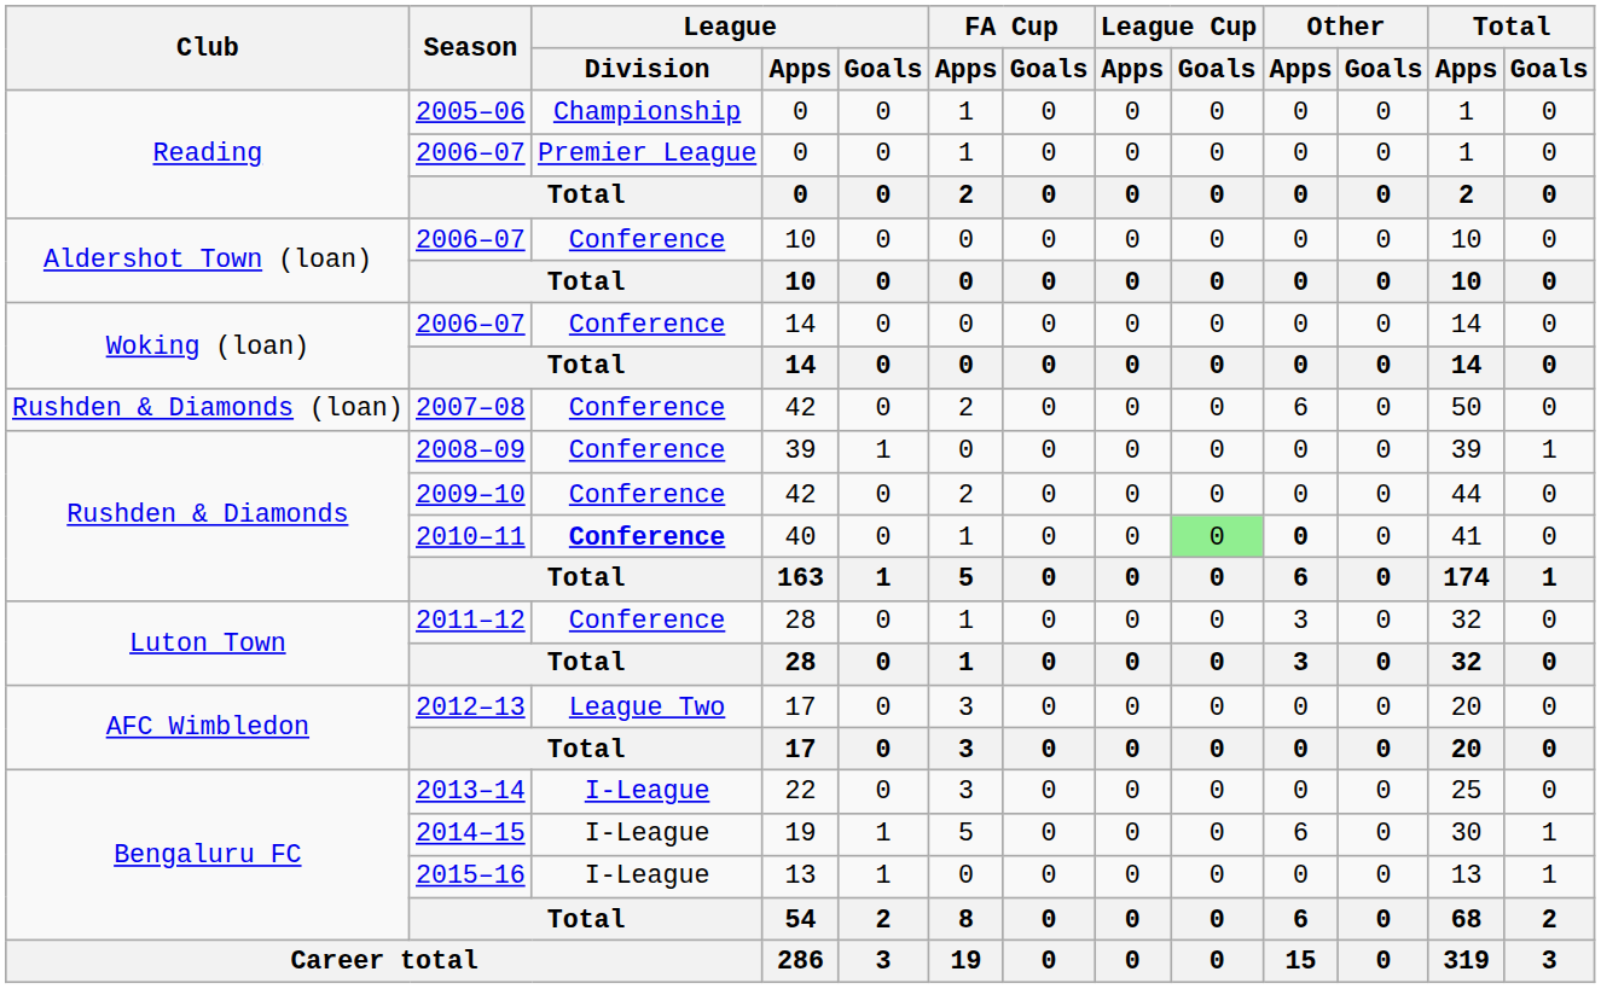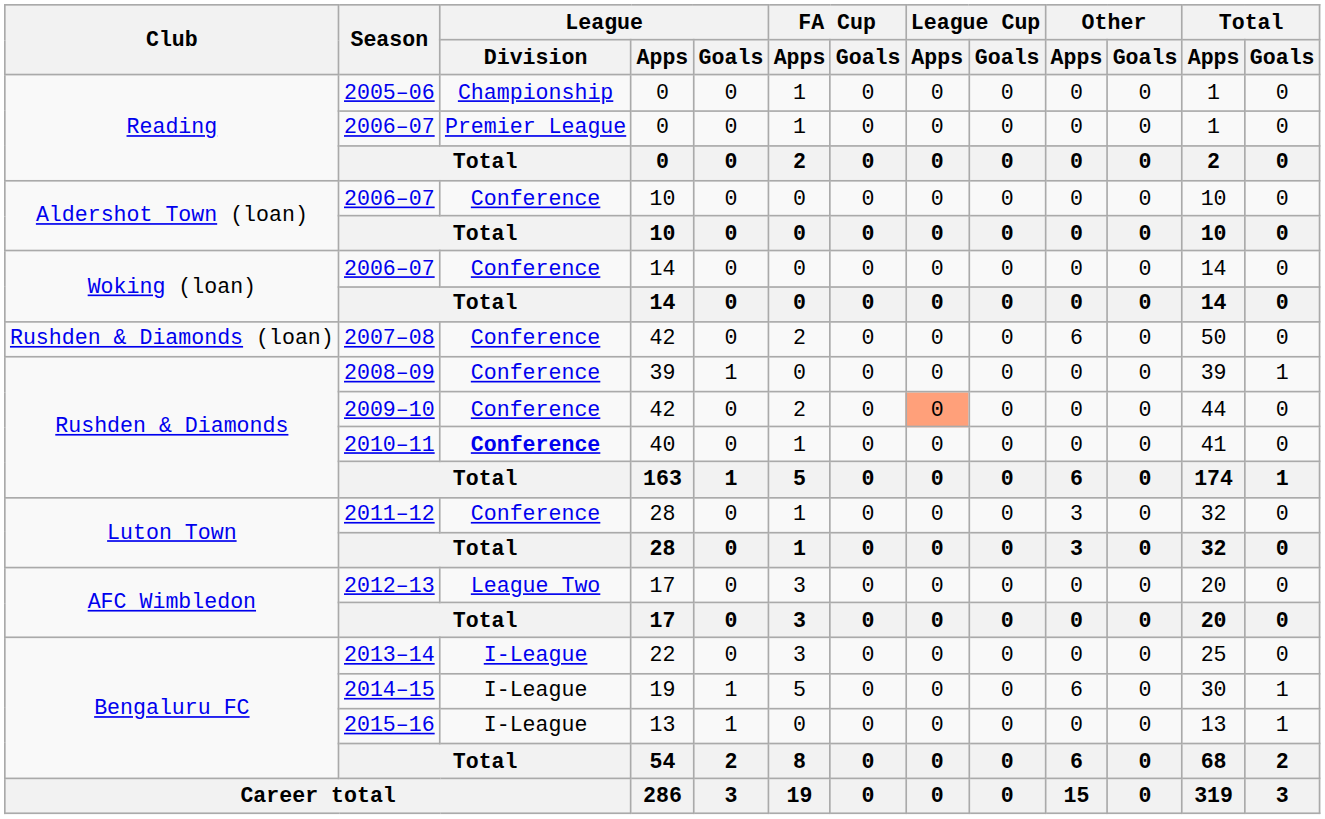 <table class="wikitable" style="text-align: center">
 <tr>
 <th rowspan=2>Club</th>
 <th rowspan=2>Season</th>
 <th colspan=3>League</th>
 <th colspan=2>FA Cup</th>
 <th colspan=2>League Cup</th>
 <th colspan=2>Other</th>
 <th colspan=3>Total</th>
 </tr>
 <tr>
 <th>Division</th>
 <th>Apps</th>
 <th>Goals</th>
 <th>Apps</th>
 <th>Goals</th>
 <th>Apps</th>
 <th>Goals</th>
 <th>Apps</th>
 <th>Goals</th>
 <th>Apps</th>
 <th>Goals</th>
 </tr>
 <tr>
 <td rowspan=3><a href='#'>Reading</a></td>
 <td><a href='#'>2005–06</a></td>
 <td><a href='#'>Championship</a></td>
 <td>0</td>
 <td>0</td>
 <td>1</td>
 <td>0</td>
 <td>0</td>
 <td>0</td>
 <td>0</td>
 <td>0</td>
 <td>1</td>
 <td>0</td>
 </tr>
 <tr>
 <td><a href='#'>2006–07</a></td>
 <td><a href='#'>Premier League</a></td>
 <td>0</td>
 <td>0</td>
 <td>1</td>
 <td>0</td>
 <td>0</td>
 <td>0</td>
 <td>0</td>
 <td>0</td>
 <td>1</td>
 <td>0</td>
 </tr>
 <tr>
 <th colspan="2">Total</th>
 <th>0</th>
 <th>0</th>
 <th>2</th>
 <th>0</th>
 <th>0</th>
 <th>0</th>
 <th>0</th>
 <th>0</th>
 <th>2</th>
 <th>0</th>
 </tr>
 <tr>
 <td rowspan="2"><a href='#'>Aldershot Town</a> (loan)</td>
 <td><a href='#'>2006–07</a></td>
 <td><a href='#'>Conference</a></td>
 <td>10</td>
 <td>0</td>
 <td>0</td>
 <td>0</td>
 <td>0</td>
 <td>0</td>
 <td>0</td>
 <td>0</td>
 <td>10</td>
 <td>0</td>
 </tr>
 <tr>
 <th colspan="2">Total</th>
 <th>10</th>
 <th>0</th>
 <th>0</th>
 <th>0</th>
 <th>0</th>
 <th>0</th>
 <th>0</th>
 <th>0</th>
 <th>10</th>
 <th>0</th>
 </tr>
 <tr>
 <td rowspan="2"><a href='#'>Woking</a> (loan)</td>
 <td><a href='#'>2006–07</a></td>
 <td><a href='#'>Conference</a></td>
 <td>14</td>
 <td>0</td>
 <td>0</td>
 <td>0</td>
 <td>0</td>
 <td>0</td>
 <td>0</td>
 <td>0</td>
 <td>14</td>
 <td>0</td>
 </tr>
 <tr>
 <th colspan="2">Total</th>
 <th>14</th>
 <th>0</th>
 <th>0</th>
 <th>0</th>
 <th>0</th>
 <th>0</th>
 <th>0</th>
 <th>0</th>
 <th>14</th>
 <th>0</th>
 </tr>
 <tr>
 <td><a href='#'>Rushden & Diamonds</a> (loan)</td>
 <td><a href='#'>2007–08</a></td>
 <td><a href='#'>Conference</a></td>
 <td>42</td>
 <td>0</td>
 <td>2</td>
 <td>0</td>
 <td>0</td>
 <td>0</td>
 <td>6</td>
 <td>0</td>
 <td>50</td>
 <td>0</td>
 </tr>
 <tr>
 <td rowspan="4"><a href='#'>Rushden & Diamonds</a></td>
 <td><a href='#'>2008–09</a></td>
 <td><a href='#'>Conference</a></td>
 <td>39</td>
 <td>1</td>
 <td>0</td>
 <td>0</td>
 <td>0</td>
 <td>0</td>
 <td>0</td>
 <td>0</td>
 <td>39</td>
 <td>1</td>
 </tr>
 <tr>
 <td><a href='#'>2009–10</a></td>
 <td><a href='#'>Conference</a></td>
 <td>42</td>
 <td>0</td>
 <td>2</td>
 <td>0</td>
-<td>0</td>
+<td style="background: lightsalmon;">0</td>
 <td>0</td>
 <td>0</td>
 <td>0</td>
 <td>44</td>
 <td>0</td>
 </tr>
 <tr>
 <td><a href='#'>2010–11</a></td>
 <td><strong><a href='#'>Conference</a></strong></td>
 <td>40</td>
 <td>0</td>
 <td>1</td>
 <td>0</td>
 <td>0</td>
-<td style="background: lightgreen;">0</td>
-<td><strong>0</strong></td>
+<td>0</td>
+<td>0</td>
 <td>0</td>
 <td>41</td>
 <td>0</td>
 </tr>
 <tr>
 <th colspan="2">Total</th>
 <th>163</th>
 <th>1</th>
 <th>5</th>
 <th>0</th>
 <th>0</th>
 <th>0</th>
 <th>6</th>
 <th>0</th>
 <th>174</th>
 <th>1</th>
 </tr>
 <tr>
 <td rowspan="2"><a href='#'>Luton Town</a></td>
 <td><a href='#'>2011–12</a></td>
 <td><a href='#'>Conference</a></td>
 <td>28</td>
 <td>0</td>
 <td>1</td>
 <td>0</td>
 <td>0</td>
 <td>0</td>
 <td>3</td>
 <td>0</td>
 <td>32</td>
 <td>0</td>
 </tr>
 <tr>
 <th colspan="2">Total</th>
 <th>28</th>
 <th>0</th>
 <th>1</th>
 <th>0</th>
 <th>0</th>
 <th>0</th>
 <th>3</th>
 <th>0</th>
 <th>32</th>
 <th>0</th>
 </tr>
 <tr>
 <td rowspan="2"><a href='#'>AFC Wimbledon</a></td>
 <td><a href='#'>2012–13</a></td>
 <td><a href='#'>League Two</a></td>
 <td>17</td>
 <td>0</td>
 <td>3</td>
 <td>0</td>
 <td>0</td>
 <td>0</td>
 <td>0</td>
 <td>0</td>
 <td>20</td>
 <td>0</td>
 </tr>
 <tr>
 <th colspan="2">Total</th>
 <th>17</th>
 <th>0</th>
 <th>3</th>
 <th>0</th>
 <th>0</th>
 <th>0</th>
 <th>0</th>
 <th>0</th>
 <th>20</th>
 <th>0</th>
 </tr>
 <tr>
 <td rowspan="4"><a href='#'>Bengaluru FC</a></td>
 <td><a href='#'>2013–14</a></td>
 <td><a href='#'>I-League</a></td>
 <td>22</td>
 <td>0</td>
 <td>3</td>
 <td>0</td>
 <td>0</td>
 <td>0</td>
 <td>0</td>
 <td>0</td>
 <td>25</td>
 <td>0</td>
 </tr>
 <tr>
 <td><a href='#'>2014–15</a></td>
 <td>I-League</td>
 <td>19</td>
 <td>1</td>
 <td>5</td>
 <td>0</td>
 <td>0</td>
 <td>0</td>
 <td>6</td>
 <td>0</td>
 <td>30</td>
 <td>1</td>
 </tr>
 <tr>
 <td><a href='#'>2015–16</a></td>
 <td>I-League</td>
 <td>13</td>
 <td>1</td>
 <td>0</td>
 <td>0</td>
 <td>0</td>
 <td>0</td>
 <td>0</td>
 <td>0</td>
 <td>13</td>
 <td>1</td>
 </tr>
 <tr>
 <th colspan="2">Total</th>
 <th>54</th>
 <th>2</th>
 <th>8</th>
 <th>0</th>
 <th>0</th>
 <th>0</th>
 <th>6</th>
 <th>0</th>
 <th>68</th>
 <th>2</th>
 </tr>
 <tr>
 <th colspan=3>Career total</th>
 <th>286</th>
 <th>3</th>
 <th>19</th>
 <th>0</th>
 <th>0</th>
 <th>0</th>
 <th>15</th>
 <th>0</th>
 <th>319</th>
 <th>3</th>
 </tr>
 </table>
